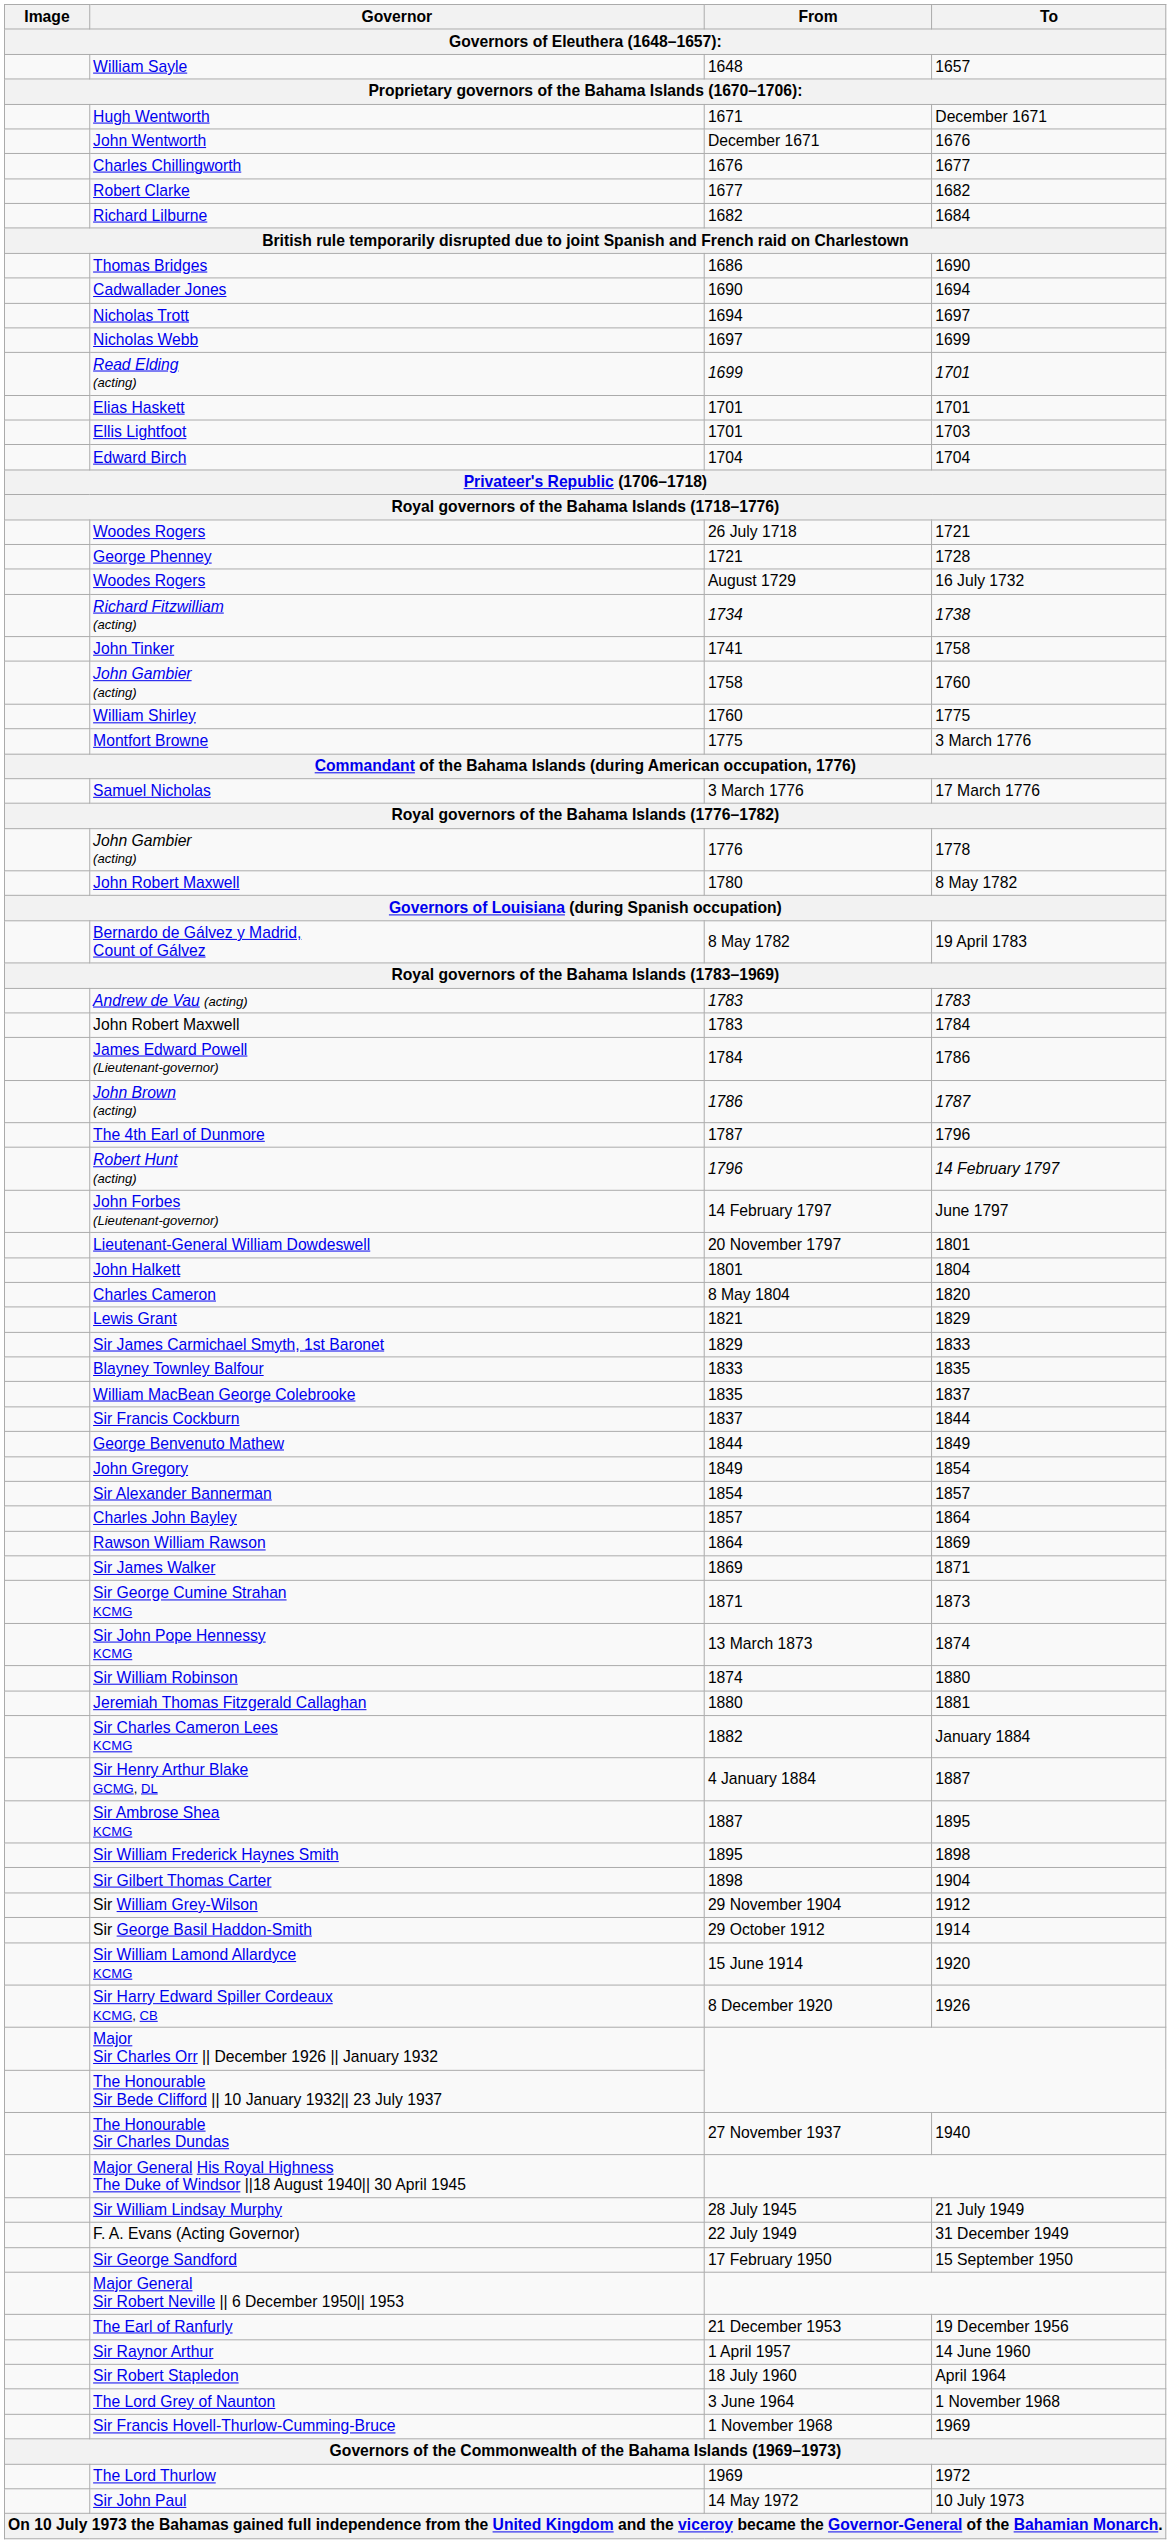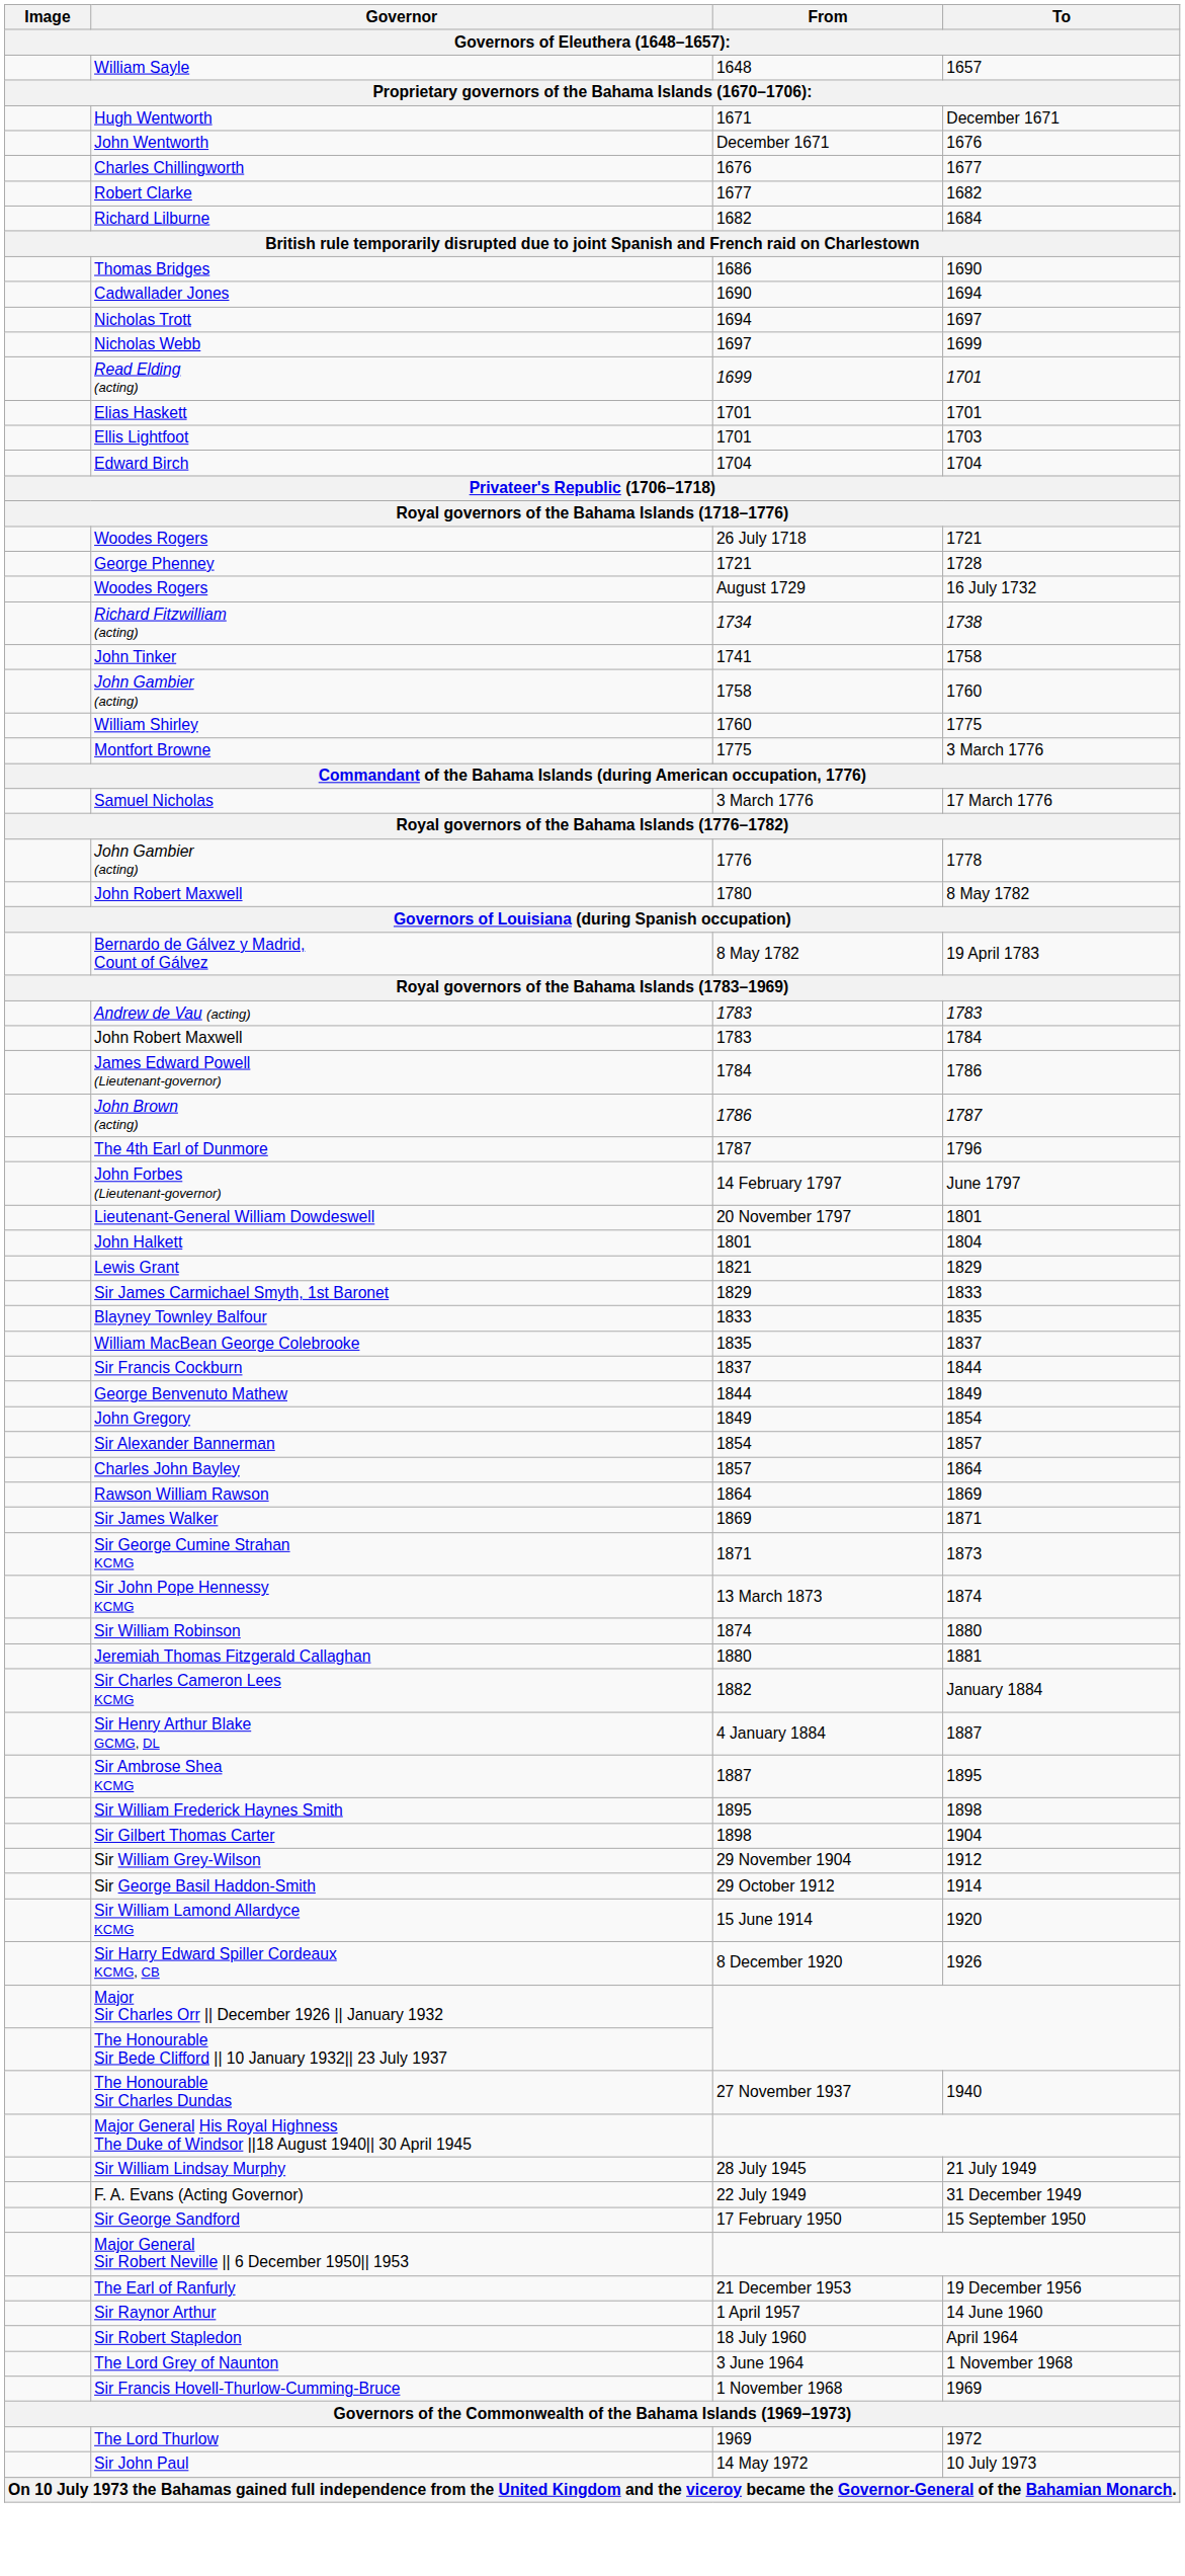 <table class="wikitable">
 <tr>
 <th>Image</th>
 <th>Governor</th>
 <th>From</th>
 <th>To</th>
 </tr>
 <tr>
 <th colspan="4"><span>Governors of Eleuthera (1648–1657):</span></th>
 </tr>
 <tr>
 <td></td>
 <td><a href='#'>William Sayle</a></td>
 <td>1648</td>
 <td>1657</td>
 </tr>
 <tr>
 <th colspan="4"><span>Proprietary governors of the Bahama Islands (1670–1706):</span></th>
 </tr>
 <tr>
 <td></td>
 <td><a href='#'>Hugh Wentworth</a></td>
 <td>1671</td>
 <td>December 1671</td>
 </tr>
 <tr>
 <td></td>
 <td><a href='#'>John Wentworth</a></td>
 <td>December 1671</td>
 <td>1676</td>
 </tr>
 <tr>
 <td></td>
 <td><a href='#'>Charles Chillingworth</a></td>
 <td>1676</td>
 <td>1677</td>
 </tr>
 <tr>
 <td></td>
 <td><a href='#'>Robert Clarke</a></td>
 <td>1677</td>
 <td>1682</td>
 </tr>
 <tr>
 <td></td>
 <td><a href='#'>Richard Lilburne</a></td>
 <td>1682</td>
 <td>1684</td>
 </tr>
 <tr>
 <th colspan="4"><span>British rule temporarily disrupted due to joint Spanish and French raid on Charlestown</span></th>
 </tr>
 <tr>
 <td></td>
 <td><a href='#'>Thomas Bridges</a></td>
 <td>1686</td>
 <td>1690</td>
 </tr>
 <tr>
 <td></td>
 <td><a href='#'>Cadwallader Jones</a></td>
 <td>1690</td>
 <td>1694</td>
 </tr>
 <tr>
 <td></td>
 <td><a href='#'>Nicholas Trott</a></td>
 <td>1694</td>
 <td>1697</td>
 </tr>
 <tr>
 <td></td>
 <td><a href='#'>Nicholas Webb</a></td>
 <td>1697</td>
 <td>1699</td>
 </tr>
 <tr>
 <td></td>
 <td><em><a href='#'>Read Elding</a> <br><small>(acting)</small></em></td>
 <td><em>1699</em></td>
 <td><em>1701</em></td>
 </tr>
 <tr>
 <td></td>
 <td><a href='#'>Elias Haskett</a></td>
 <td>1701</td>
 <td>1701</td>
 </tr>
 <tr>
 <td></td>
 <td><a href='#'>Ellis Lightfoot</a></td>
 <td>1701</td>
 <td>1703</td>
 </tr>
 <tr>
 <td></td>
 <td><a href='#'>Edward Birch</a></td>
 <td>1704</td>
 <td>1704</td>
 </tr>
 <tr>
 <th colspan="4"><span><a href='#'>Privateer's Republic</a> (1706–1718)</span></th>
 </tr>
 <tr>
 <th colspan="4"><span>Royal governors of the Bahama Islands (1718–1776)</span></th>
 </tr>
 <tr>
 <td></td>
 <td><a href='#'>Woodes Rogers</a></td>
 <td>26 July 1718</td>
 <td>1721</td>
 </tr>
 <tr>
 <td></td>
 <td><a href='#'>George Phenney</a></td>
 <td>1721</td>
 <td>1728</td>
 </tr>
 <tr>
 <td></td>
 <td><a href='#'>Woodes Rogers</a></td>
 <td>August 1729</td>
 <td>16 July 1732</td>
 </tr>
 <tr>
 <td></td>
 <td><em><a href='#'>Richard Fitzwilliam</a> <br><small>(acting)</small></em></td>
 <td><em>1734</em></td>
 <td><em>1738</em></td>
 </tr>
 <tr>
 <td></td>
 <td><a href='#'>John Tinker</a></td>
 <td>1741</td>
 <td>1758</td>
 </tr>
 <tr>
 <td></td>
 <td><em><a href='#'>John Gambier</a> <br><small>(acting)</small></em></td>
 <td>1758</td>
 <td>1760</td>
 </tr>
 <tr>
 <td></td>
 <td><a href='#'>William Shirley</a></td>
 <td>1760</td>
 <td>1775</td>
 </tr>
 <tr>
 <td></td>
 <td><a href='#'>Montfort Browne</a></td>
 <td>1775</td>
 <td>3 March 1776</td>
 </tr>
 <tr>
 <th colspan="4"><span><a href='#'>Commandant</a> of the Bahama Islands (during American occupation, 1776)</span></th>
 </tr>
 <tr>
 <td></td>
 <td><a href='#'>Samuel Nicholas</a></td>
 <td>3 March 1776</td>
 <td>17 March 1776</td>
 </tr>
 <tr>
 <th colspan="4"><span>Royal governors of the Bahama Islands (1776–1782)</span></th>
 </tr>
 <tr>
 <td></td>
 <td><em>John Gambier <br><small>(acting)</small></em></td>
 <td>1776</td>
 <td>1778</td>
 </tr>
 <tr>
 <td></td>
 <td><a href='#'>John Robert Maxwell</a></td>
 <td>1780</td>
 <td>8 May 1782</td>
 </tr>
 <tr>
 <th colspan="4"><span><a href='#'>Governors of Louisiana</a> (during Spanish occupation)</span></th>
 </tr>
 <tr>
 <td></td>
 <td><a href='#'>Bernardo de Gálvez y Madrid,<br>Count of Gálvez</a></td>
 <td>8 May 1782</td>
 <td>19 April 1783</td>
 </tr>
 <tr>
 <th colspan="4"><span>Royal governors of the Bahama Islands (1783–1969)</span></th>
 </tr>
 <tr>
 <td></td>
 <td><em><a href='#'>Andrew de Vau</a> <small>(acting)</small></em></td>
 <td><em>1783</em></td>
 <td><em>1783</em></td>
 </tr>
 <tr>
 <td></td>
 <td>John Robert Maxwell</td>
 <td>1783</td>
 <td>1784</td>
 </tr>
 <tr>
 <td></td>
 <td><a href='#'>James Edward Powell</a><br><small><em>(Lieutenant-governor)</em></small></td>
 <td>1784</td>
 <td>1786</td>
 </tr>
 <tr>
 <td></td>
 <td><em><a href='#'>John Brown</a> <br><small>(acting)</small></em></td>
 <td><em>1786</em></td>
 <td><em>1787</em></td>
 </tr>
 <tr>
 <td></td>
 <td><a href='#'>The 4th Earl of Dunmore</a></td>
 <td>1787</td>
 <td>1796</td>
 </tr>
 <tr>
 <td></td>
-<td><em><a href='#'>Robert Hunt</a> <br><small>(acting)</small></em></td>
-<td><em>1796</em></td>
-<td><em>14 February 1797</em></td>
-</tr>
-<tr>
-<td></td>
 <td><a href='#'>John Forbes</a><br><small><em>(Lieutenant-governor)</em></small></td>
 <td>14 February 1797</td>
 <td>June 1797</td>
 </tr>
 <tr>
 <td></td>
 <td><a href='#'>Lieutenant-General William Dowdeswell</a></td>
 <td>20 November 1797</td>
 <td>1801</td>
 </tr>
 <tr>
 <td></td>
 <td><a href='#'>John Halkett</a></td>
 <td>1801</td>
 <td>1804</td>
-</tr>
-<tr>
-<td></td>
-<td><a href='#'>Charles Cameron</a></td>
-<td>8 May 1804</td>
-<td>1820</td>
 </tr>
 <tr>
 <td></td>
 <td><a href='#'>Lewis Grant</a></td>
 <td>1821</td>
 <td>1829</td>
 </tr>
 <tr>
 <td></td>
 <td><a href='#'>Sir James Carmichael Smyth, 1st Baronet</a></td>
 <td>1829</td>
 <td>1833</td>
 </tr>
 <tr>
 <td></td>
 <td><a href='#'>Blayney Townley Balfour</a></td>
 <td>1833</td>
 <td>1835</td>
 </tr>
 <tr>
 <td></td>
 <td><a href='#'>William MacBean George Colebrooke</a></td>
 <td>1835</td>
 <td>1837</td>
 </tr>
 <tr>
 <td></td>
 <td><a href='#'>Sir Francis Cockburn</a></td>
 <td>1837</td>
 <td>1844</td>
 </tr>
 <tr>
 <td></td>
 <td><a href='#'>George Benvenuto Mathew</a></td>
 <td>1844</td>
 <td>1849</td>
 </tr>
 <tr>
 <td></td>
 <td><a href='#'>John Gregory</a></td>
 <td>1849</td>
 <td>1854</td>
 </tr>
 <tr>
 <td></td>
 <td><a href='#'>Sir Alexander Bannerman</a></td>
 <td>1854</td>
 <td>1857</td>
 </tr>
 <tr>
 <td></td>
 <td><a href='#'>Charles John Bayley</a></td>
 <td>1857</td>
 <td>1864</td>
 </tr>
 <tr>
 <td></td>
 <td><a href='#'>Rawson William Rawson</a></td>
 <td>1864</td>
 <td>1869</td>
 </tr>
 <tr>
 <td></td>
 <td><a href='#'>Sir James Walker</a></td>
 <td>1869</td>
 <td>1871</td>
 </tr>
 <tr>
 <td></td>
 <td><a href='#'>Sir George Cumine Strahan</a> <br><small><a href='#'>KCMG</a></small></td>
 <td>1871</td>
 <td>1873</td>
 </tr>
 <tr>
 <td></td>
 <td><a href='#'>Sir John Pope Hennessy</a> <br><small><a href='#'>KCMG</a></small></td>
 <td>13 March 1873</td>
 <td>1874</td>
 </tr>
 <tr>
 <td></td>
 <td><a href='#'>Sir William Robinson</a></td>
 <td>1874</td>
 <td>1880</td>
 </tr>
 <tr>
 <td></td>
 <td><a href='#'>Jeremiah Thomas Fitzgerald Callaghan</a><br></td>
 <td>1880</td>
 <td>1881</td>
 </tr>
 <tr>
 <td></td>
 <td><a href='#'>Sir Charles Cameron Lees</a> <br><small><a href='#'>KCMG</a></small></td>
 <td>1882</td>
 <td>January 1884</td>
 </tr>
 <tr>
 <td></td>
 <td><a href='#'>Sir Henry Arthur Blake</a> <br><small><a href='#'>GCMG</a>, <a href='#'>DL</a></small></td>
 <td>4 January 1884</td>
 <td>1887</td>
 </tr>
 <tr>
 <td></td>
 <td><a href='#'>Sir Ambrose Shea</a> <br><small><a href='#'>KCMG</a></small></td>
 <td>1887</td>
 <td>1895</td>
 </tr>
 <tr>
 <td></td>
 <td><a href='#'>Sir William Frederick Haynes Smith</a></td>
 <td>1895</td>
 <td>1898</td>
 </tr>
 <tr>
 <td></td>
 <td><a href='#'>Sir Gilbert Thomas Carter</a></td>
 <td>1898</td>
 <td>1904</td>
 </tr>
 <tr>
 <td></td>
 <td>Sir <a href='#'>William Grey-Wilson</a></td>
 <td>29 November 1904</td>
 <td>1912</td>
 </tr>
 <tr>
 <td></td>
 <td>Sir <a href='#'>George Basil Haddon-Smith</a></td>
 <td>29 October 1912</td>
 <td>1914</td>
 </tr>
 <tr>
 <td></td>
 <td><a href='#'>Sir William Lamond Allardyce</a> <br><small><a href='#'>KCMG</a></small></td>
 <td>15 June 1914</td>
 <td>1920</td>
 </tr>
 <tr>
 <td></td>
 <td><a href='#'>Sir Harry Edward Spiller Cordeaux</a> <br><small><a href='#'>KCMG</a>, <a href='#'>CB</a></small></td>
 <td>8 December 1920</td>
 <td>1926</td>
 </tr>
 <tr>
 <td></td>
 <td><a href='#'>Major</a><br><a href='#'>Sir Charles Orr</a> || December 1926 || January 1932</td>
 </tr>
 <tr>
 <td></td>
 <td><a href='#'>The Honourable</a><br><a href='#'>Sir Bede Clifford</a> || 10 January 1932|| 23 July 1937</td>
 </tr>
 <tr>
 <td></td>
 <td><a href='#'>The Honourable</a><br><a href='#'>Sir Charles Dundas</a> </td>
 <td>27 November 1937</td>
 <td>1940</td>
 </tr>
 <tr>
 <td></td>
 <td><a href='#'>Major General</a> <a href='#'>His Royal Highness</a><br><a href='#'>The Duke of Windsor</a> ||18 August 1940|| 30 April 1945</td>
 </tr>
 <tr>
 <td></td>
 <td><a href='#'>Sir William Lindsay Murphy</a><br></td>
 <td>28 July 1945</td>
 <td>21 July 1949</td>
 </tr>
 <tr>
 <td></td>
 <td>F. A. Evans (Acting Governor)</td>
 <td>22 July 1949</td>
 <td>31 December 1949</td>
 </tr>
 <tr>
 <td></td>
 <td><a href='#'>Sir George Sandford</a><br></td>
 <td>17 February 1950</td>
 <td>15 September 1950</td>
 </tr>
 <tr>
 <td></td>
 <td><a href='#'>Major General</a><br><a href='#'>Sir Robert Neville</a> || 6 December 1950|| 1953</td>
 </tr>
 <tr>
 <td></td>
 <td><a href='#'>The Earl of Ranfurly</a><br></td>
 <td>21 December 1953</td>
 <td>19 December 1956</td>
 </tr>
 <tr>
 <td></td>
 <td><a href='#'>Sir Raynor Arthur</a><br></td>
 <td>1 April 1957</td>
 <td>14 June 1960</td>
 </tr>
 <tr>
 <td></td>
 <td><a href='#'>Sir Robert Stapledon</a><br></td>
 <td>18 July 1960</td>
 <td>April 1964</td>
 </tr>
 <tr>
 <td></td>
 <td><a href='#'>The Lord Grey of Naunton</a><br></td>
 <td>3 June 1964</td>
 <td>1 November 1968</td>
 </tr>
 <tr>
 <td></td>
 <td><a href='#'>Sir Francis Hovell-Thurlow-Cumming-Bruce</a><br></td>
 <td>1 November 1968</td>
 <td>1969</td>
 </tr>
 <tr>
 <th colspan="4"><span>Governors of the Commonwealth of the Bahama Islands (1969–1973)</span></th>
 </tr>
 <tr>
 <td></td>
 <td><a href='#'>The Lord Thurlow</a><br></td>
 <td>1969</td>
 <td>1972</td>
 </tr>
 <tr>
 <td></td>
 <td><a href='#'>Sir John Paul</a><br></td>
 <td>14 May 1972</td>
 <td>10 July 1973</td>
 </tr>
 <tr>
 <th colspan="4"><span>On 10 July 1973 the Bahamas gained full independence from the <a href='#'>United Kingdom</a> and the <a href='#'>viceroy</a> became the <a href='#'>Governor-General</a> of the <a href='#'>Bahamian Monarch</a>.</span></th>
 </tr>
 </table>
